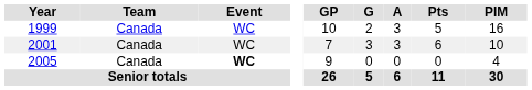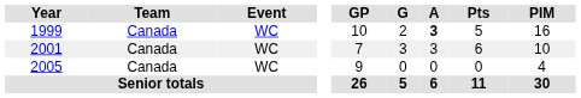 <table border="0" cellpadding="1" cellspacing="0" style="text-align:center; width:40em">
 <tr ALIGN="center" bgcolor="#e0e0e0">
 <th>Year</th>
 <th>Team</th>
 <th>Event</th>
 <th rowspan="99" bgcolor="#ffffff"> </th>
 <th>GP</th>
 <th>G</th>
 <th>A</th>
 <th>Pts</th>
 <th>PIM</th>
 </tr>
 <tr>
 <td><a href='#'>1999</a></td>
 <td><a href='#'>Canada</a></td>
 <td><a href='#'>WC</a></td>
 <td>10</td>
 <td>2</td>
-<td>3</td>
+<td><strong>3</strong></td>
 <td>5</td>
 <td>16</td>
 </tr>
 <tr bgcolor="#f0f0f0">
 <td><a href='#'>2001</a></td>
 <td>Canada</td>
 <td>WC</td>
 <td>7</td>
 <td>3</td>
 <td>3</td>
 <td>6</td>
 <td>10</td>
 </tr>
 <tr>
 <td><a href='#'>2005</a></td>
 <td>Canada</td>
-<td><strong>WC</strong></td>
+<td>WC</td>
 <td>9</td>
 <td>0</td>
 <td>0</td>
 <td>0</td>
 <td>4</td>
 </tr>
 <tr bgcolor="#e0e0e0">
 <th colspan="3">Senior totals</th>
 <th>26</th>
 <th>5</th>
 <th>6</th>
 <th>11</th>
 <th>30</th>
 </tr>
 </table>
